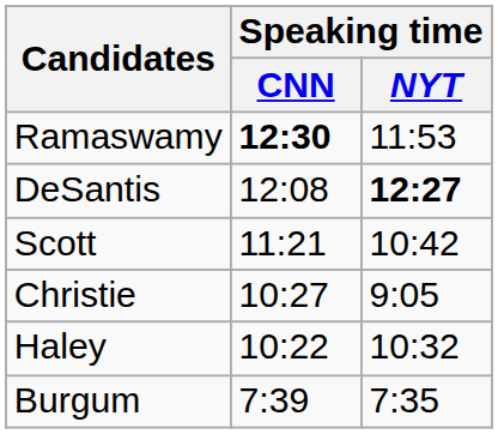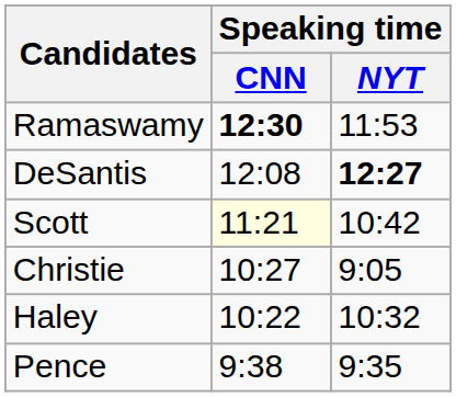 <table class="wikitable sortable" style="display:inline-table;line-height:16px;">
 <tr>
 <th rowspan=2>Candidates</th>
 <th colspan=2>Speaking time</th>
 </tr>
 <tr>
 <th><a href='#'>CNN</a></th>
 <th><em><a href='#'>NYT</a></em></th>
 </tr>
 <tr>
 <td>Ramaswamy</td>
 <td><strong>12:30</strong></td>
 <td>11:53</td>
 </tr>
 <tr>
 <td>DeSantis</td>
 <td>12:08</td>
 <td><strong>12:27</strong></td>
 </tr>
 <tr>
 <td>Scott</td>
-<td>11:21</td>
+<td style="background: lightyellow;">11:21</td>
 <td>10:42</td>
 </tr>
 <tr>
 <td>Christie</td>
 <td>10:27</td>
 <td>9:05</td>
 </tr>
 <tr>
 <td>Haley</td>
 <td>10:22</td>
 <td>10:32</td>
 </tr>
 <tr>
-<td>Burgum</td>
-<td>7:39</td>
-<td>7:35</td>
+<td>Pence</td>
+<td>9:38</td>
+<td>9:35</td>
 </tr>
 </table>
